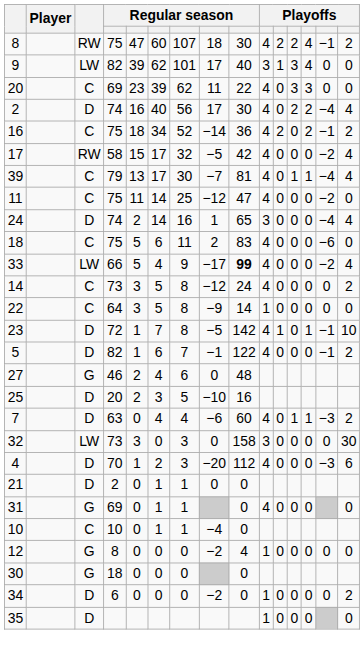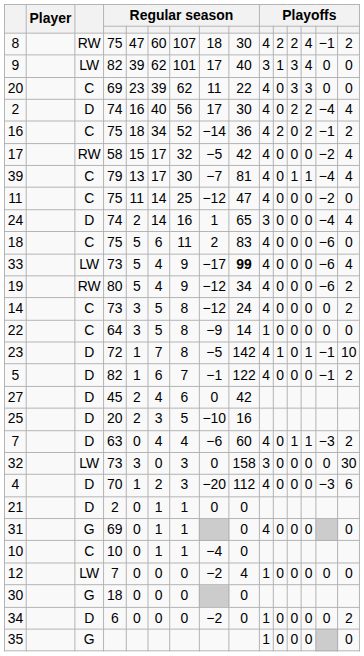 <table class="wikitable sortable plainrowheaders" style="text-align:center;">
 <tr>
 <th scope="col" data-sort-type="number" rowspan="2"></th>
 <th scope="col" rowspan="2">Player</th>
 <th scope="col" rowspan="2"></th>
 <th scope=colgroup colspan=6>Regular season</th>
 <th scope=colgroup colspan=6>Playoffs</th>
 </tr>
 <tr>
 <th scope="col" data-sort-type="number"></th>
 <th scope="col" data-sort-type="number"></th>
 <th scope="col" data-sort-type="number"></th>
 <th scope="col" data-sort-type="number"></th>
 <th scope="col" data-sort-type="number"></th>
 <th scope="col" data-sort-type="number"></th>
 <th scope="col" data-sort-type="number"></th>
 <th scope="col" data-sort-type="number"></th>
 <th scope="col" data-sort-type="number"></th>
 <th scope="col" data-sort-type="number"></th>
 <th scope="col" data-sort-type="number"></th>
 <th scope="col" data-sort-type="number"></th>
 </tr>
 <tr>
 <td scope="row">8</td>
 <td align="left"></td>
 <td>RW</td>
 <td>75</td>
 <td>47</td>
 <td>60</td>
 <td>107</td>
 <td>18</td>
 <td>30</td>
 <td>4</td>
 <td>2</td>
 <td>2</td>
 <td>4</td>
 <td>−1</td>
 <td>2</td>
 </tr>
 <tr>
 <td scope="row">9</td>
 <td align="left"></td>
 <td>LW</td>
 <td>82</td>
 <td>39</td>
 <td>62</td>
 <td>101</td>
 <td>17</td>
 <td>40</td>
 <td>3</td>
 <td>1</td>
 <td>3</td>
 <td>4</td>
 <td>0</td>
 <td>0</td>
 </tr>
 <tr>
 <td scope="row">20</td>
 <td align="left"></td>
 <td>C</td>
 <td>69</td>
 <td>23</td>
 <td>39</td>
 <td>62</td>
 <td>11</td>
 <td>22</td>
 <td>4</td>
 <td>0</td>
 <td>3</td>
 <td>3</td>
 <td>0</td>
 <td>0</td>
 </tr>
 <tr>
 <td scope="row">2</td>
 <td align="left"></td>
 <td>D</td>
 <td>74</td>
 <td>16</td>
 <td>40</td>
 <td>56</td>
 <td>17</td>
 <td>30</td>
 <td>4</td>
 <td>0</td>
 <td>2</td>
 <td>2</td>
 <td>−4</td>
 <td>4</td>
 </tr>
 <tr>
 <td scope="row">16</td>
 <td align="left"></td>
 <td>C</td>
 <td>75</td>
 <td>18</td>
 <td>34</td>
 <td>52</td>
 <td>−14</td>
 <td>36</td>
 <td>4</td>
 <td>2</td>
 <td>0</td>
 <td>2</td>
 <td>−1</td>
 <td>2</td>
 </tr>
 <tr>
 <td scope="row">17</td>
 <td align="left"></td>
 <td>RW</td>
 <td>58</td>
 <td>15</td>
 <td>17</td>
 <td>32</td>
 <td>−5</td>
 <td>42</td>
 <td>4</td>
 <td>0</td>
 <td>0</td>
 <td>0</td>
 <td>−2</td>
 <td>4</td>
 </tr>
 <tr>
 <td scope="row">39</td>
 <td align="left"></td>
 <td>C</td>
 <td>79</td>
 <td>13</td>
 <td>17</td>
 <td>30</td>
 <td>−7</td>
 <td>81</td>
 <td>4</td>
 <td>0</td>
 <td>1</td>
 <td>1</td>
 <td>−4</td>
 <td>4</td>
 </tr>
 <tr>
 <td scope="row">11</td>
 <td align="left"></td>
 <td>C</td>
 <td>75</td>
 <td>11</td>
 <td>14</td>
 <td>25</td>
 <td>−12</td>
 <td>47</td>
 <td>4</td>
 <td>0</td>
 <td>0</td>
 <td>0</td>
 <td>−2</td>
 <td>0</td>
 </tr>
 <tr>
 <td scope="row">24</td>
 <td align="left"></td>
 <td>D</td>
 <td>74</td>
 <td>2</td>
 <td>14</td>
 <td>16</td>
 <td>1</td>
 <td>65</td>
 <td>3</td>
 <td>0</td>
 <td>0</td>
 <td>0</td>
 <td>−4</td>
 <td>4</td>
 </tr>
 <tr>
 <td scope="row">18</td>
 <td align="left"></td>
 <td>C</td>
 <td>75</td>
 <td>5</td>
 <td>6</td>
 <td>11</td>
 <td>2</td>
 <td>83</td>
 <td>4</td>
 <td>0</td>
 <td>0</td>
 <td>0</td>
 <td>−6</td>
 <td>0</td>
 </tr>
 <tr>
 <td scope="row">33</td>
 <td align="left"></td>
 <td>LW</td>
-<td>66</td>
+<td>73</td>
 <td>5</td>
 <td>4</td>
 <td>9</td>
 <td>−17</td>
 <td><strong>99</strong></td>
 <td>4</td>
 <td>0</td>
 <td>0</td>
 <td>0</td>
-<td>−2</td>
+<td>−6</td>
 <td>4</td>
+</tr>
+<tr>
+<td scope="row">19</td>
+<td align="left"></td>
+<td>RW</td>
+<td>80</td>
+<td>5</td>
+<td>4</td>
+<td>9</td>
+<td>−12</td>
+<td>34</td>
+<td>4</td>
+<td>0</td>
+<td>0</td>
+<td>0</td>
+<td>−6</td>
+<td>2</td>
 </tr>
 <tr>
 <td scope="row">14</td>
 <td align="left"></td>
 <td>C</td>
 <td>73</td>
 <td>3</td>
 <td>5</td>
 <td>8</td>
 <td>−12</td>
 <td>24</td>
 <td>4</td>
 <td>0</td>
 <td>0</td>
 <td>0</td>
 <td>0</td>
 <td>2</td>
 </tr>
 <tr>
 <td scope="row">22</td>
 <td align="left"></td>
 <td>C</td>
 <td>64</td>
 <td>3</td>
 <td>5</td>
 <td>8</td>
 <td>−9</td>
 <td>14</td>
 <td>1</td>
 <td>0</td>
 <td>0</td>
 <td>0</td>
 <td>0</td>
 <td>0</td>
 </tr>
 <tr>
 <td scope="row">23</td>
 <td align="left"></td>
 <td>D</td>
 <td>72</td>
 <td>1</td>
 <td>7</td>
 <td>8</td>
 <td>−5</td>
 <td>142</td>
 <td>4</td>
 <td>1</td>
 <td>0</td>
 <td>1</td>
 <td>−1</td>
 <td>10</td>
 </tr>
 <tr>
 <td scope="row">5</td>
 <td align="left"></td>
 <td>D</td>
 <td>82</td>
 <td>1</td>
 <td>6</td>
 <td>7</td>
 <td>−1</td>
 <td>122</td>
 <td>4</td>
 <td>0</td>
 <td>0</td>
 <td>0</td>
 <td>−1</td>
 <td>2</td>
 </tr>
 <tr>
 <td scope="row">27</td>
 <td align="left"></td>
-<td>G</td>
-<td>46</td>
+<td>D</td>
+<td>45</td>
 <td>2</td>
 <td>4</td>
 <td>6</td>
 <td>0</td>
-<td>48</td>
+<td>42</td>
 <td></td>
 <td></td>
 <td></td>
 <td></td>
 <td></td>
 <td></td>
 </tr>
 <tr>
 <td scope="row">25</td>
 <td align="left"></td>
 <td>D</td>
 <td>20</td>
 <td>2</td>
 <td>3</td>
 <td>5</td>
 <td>−10</td>
 <td>16</td>
 <td></td>
 <td></td>
 <td></td>
 <td></td>
 <td></td>
 <td></td>
 </tr>
 <tr>
 <td scope="row">7</td>
 <td align="left"></td>
 <td>D</td>
 <td>63</td>
 <td>0</td>
 <td>4</td>
 <td>4</td>
 <td>−6</td>
 <td>60</td>
 <td>4</td>
 <td>0</td>
 <td>1</td>
 <td>1</td>
 <td>−3</td>
 <td>2</td>
 </tr>
 <tr>
 <td scope="row">32</td>
 <td align="left"></td>
 <td>LW</td>
 <td>73</td>
 <td>3</td>
 <td>0</td>
 <td>3</td>
 <td>0</td>
 <td>158</td>
 <td>3</td>
 <td>0</td>
 <td>0</td>
 <td>0</td>
 <td>0</td>
 <td>30</td>
 </tr>
 <tr>
 <td scope="row">4</td>
 <td align="left"></td>
 <td>D</td>
 <td>70</td>
 <td>1</td>
 <td>2</td>
 <td>3</td>
 <td>−20</td>
 <td>112</td>
 <td>4</td>
 <td>0</td>
 <td>0</td>
 <td>0</td>
 <td>−3</td>
 <td>6</td>
 </tr>
 <tr>
 <td scope="row">21</td>
 <td align="left"></td>
 <td>D</td>
 <td>2</td>
 <td>0</td>
 <td>1</td>
 <td>1</td>
 <td>0</td>
 <td>0</td>
 <td></td>
 <td></td>
 <td></td>
 <td></td>
 <td></td>
 <td></td>
 </tr>
 <tr>
 <td scope="row">31</td>
 <td align="left"></td>
 <td>G</td>
 <td>69</td>
 <td>0</td>
 <td>1</td>
 <td>1</td>
 <td style="background:#ccc"></td>
 <td>0</td>
 <td>4</td>
 <td>0</td>
 <td>0</td>
 <td>0</td>
 <td style="background:#ccc"></td>
 <td>0</td>
 </tr>
 <tr>
 <td scope="row">10</td>
 <td align="left"></td>
 <td>C</td>
 <td>10</td>
 <td>0</td>
 <td>1</td>
 <td>1</td>
 <td>−4</td>
 <td>0</td>
 <td></td>
 <td></td>
 <td></td>
 <td></td>
 <td></td>
 <td></td>
 </tr>
 <tr>
 <td scope="row">12</td>
 <td align="left"></td>
-<td>G</td>
-<td>8</td>
+<td>LW</td>
+<td>7</td>
 <td>0</td>
 <td>0</td>
 <td>0</td>
 <td>−2</td>
 <td>4</td>
 <td>1</td>
 <td>0</td>
 <td>0</td>
 <td>0</td>
 <td>0</td>
 <td>0</td>
 </tr>
 <tr>
 <td scope="row">30</td>
 <td align="left"></td>
 <td>G</td>
 <td>18</td>
 <td>0</td>
 <td>0</td>
 <td>0</td>
 <td style="background:#ccc"></td>
 <td>0</td>
 <td></td>
 <td></td>
 <td></td>
 <td></td>
 <td></td>
 <td></td>
 </tr>
 <tr>
 <td scope="row">34</td>
 <td align="left"></td>
 <td>D</td>
 <td>6</td>
 <td>0</td>
 <td>0</td>
 <td>0</td>
 <td>−2</td>
 <td>0</td>
 <td>1</td>
 <td>0</td>
 <td>0</td>
 <td>0</td>
 <td>0</td>
 <td>2</td>
 </tr>
 <tr>
 <td scope="row">35</td>
 <td align="left"></td>
-<td>D</td>
+<td>G</td>
 <td></td>
 <td></td>
 <td></td>
 <td></td>
 <td></td>
 <td></td>
 <td>1</td>
 <td>0</td>
 <td>0</td>
 <td>0</td>
 <td style="background:#ccc"></td>
 <td>0</td>
 </tr>
 </table>
